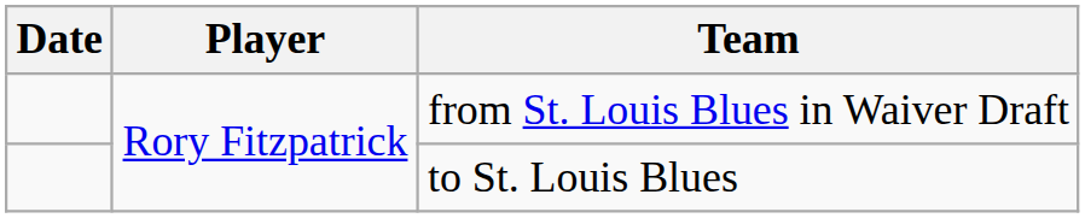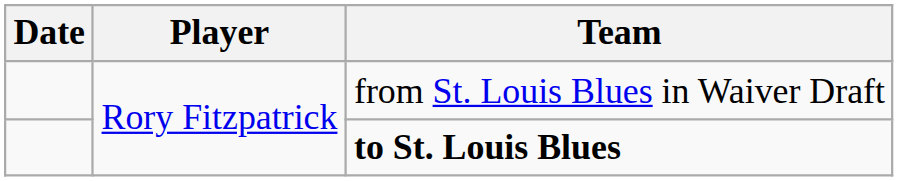 <table class="wikitable">
 <tr>
 <th>Date</th>
 <th>Player</th>
 <th>Team</th>
 </tr>
 <tr>
 <td></td>
 <td rowspan=2><a href='#'>Rory Fitzpatrick</a></td>
 <td>from <a href='#'>St. Louis Blues</a> in Waiver Draft</td>
 </tr>
 <tr>
 <td></td>
-<td>to St. Louis Blues</td>
+<td><strong>to St. Louis Blues</strong></td>
 </tr>
 </table>
